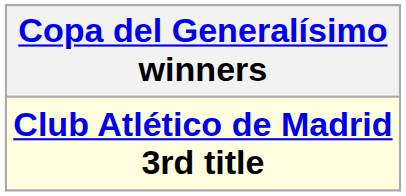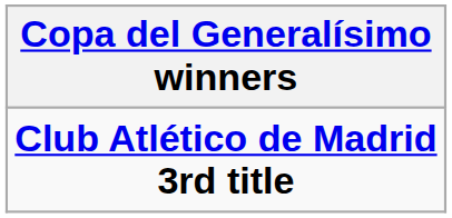 <table class="wikitable" style="text-align: center; margin: 0 auto;">
 <tr>
 <th><a href='#'>Copa del Generalísimo</a><br>winners</th>
 </tr>
 <tr>
-<td style="background: lightyellow;"><strong><a href='#'>Club Atlético de Madrid</a></strong><br><strong>3rd title</strong></td>
+<td><strong><a href='#'>Club Atlético de Madrid</a></strong><br><strong>3rd title</strong></td>
 </tr>
 </table>
